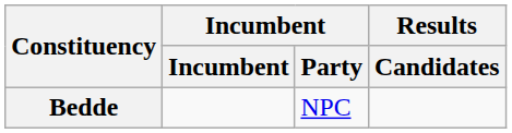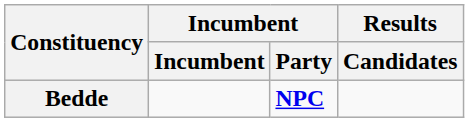 <table class="wikitable sortable">
 <tr>
 <th rowspan="2">Constituency</th>
 <th colspan="2">Incumbent</th>
 <th>Results</th>
 </tr>
 <tr valign="bottom">
 <th>Incumbent</th>
 <th>Party</th>
 <th>Candidates</th>
 </tr>
 <tr>
 <th>Bedde</th>
 <td></td>
-<td><a href='#'>NPC</a></td>
+<td><strong><a href='#'>NPC</a></strong></td>
 <td nowrap=""></td>
 </tr>
 </table>
